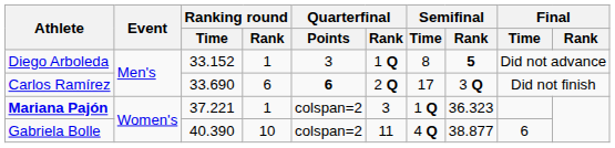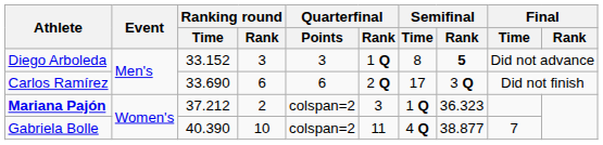 <table class=wikitable style=font-size:90%;text-align:center>
 <tr>
 <th rowspan=2>Athlete</th>
 <th rowspan=2>Event</th>
 <th colspan=2>Ranking round</th>
 <th colspan=2>Quarterfinal</th>
 <th colspan=2>Semifinal</th>
 <th colspan=2>Final</th>
 </tr>
 <tr style=font-size:95%>
 <th>Time</th>
 <th>Rank</th>
 <th>Points</th>
 <th>Rank</th>
 <th>Time</th>
 <th>Rank</th>
 <th>Time</th>
 <th>Rank</th>
 </tr>
 <tr>
 <td align=left><a href='#'>Diego Arboleda</a></td>
 <td align=left rowspan=2><a href='#'>Men's</a></td>
 <td>33.152</td>
-<td>1</td>
+<td>3</td>
 <td>3</td>
 <td>1 <strong>Q</strong></td>
 <td>8</td>
 <td><strong>5</strong></td>
 <td colspan=2>Did not advance</td>
 </tr>
 <tr>
 <td align=left><a href='#'>Carlos Ramírez</a></td>
 <td>33.690</td>
 <td>6</td>
-<td><strong>6</strong></td>
+<td>6</td>
 <td>2 <strong>Q</strong></td>
 <td>17</td>
 <td>3 <strong>Q</strong></td>
 <td colspan=2>Did not finish</td>
 </tr>
 <tr>
 <td align=left><strong><a href='#'>Mariana Pajón</a></strong></td>
 <td align=left rowspan=2><a href='#'>Women's</a></td>
-<td>37.221</td>
-<td>1</td>
+<td>37.212</td>
+<td>2</td>
 <td>colspan=2 </td>
 <td>3</td>
 <td>1 <strong>Q</strong></td>
 <td>36.323</td>
 <td></td>
 </tr>
 <tr>
 <td align=left><a href='#'>Gabriela Bolle</a></td>
 <td>40.390</td>
 <td>10</td>
 <td>colspan=2 </td>
 <td>11</td>
 <td>4 <strong>Q</strong></td>
 <td>38.877</td>
-<td>6</td>
+<td>7</td>
 </tr>
 </table>
